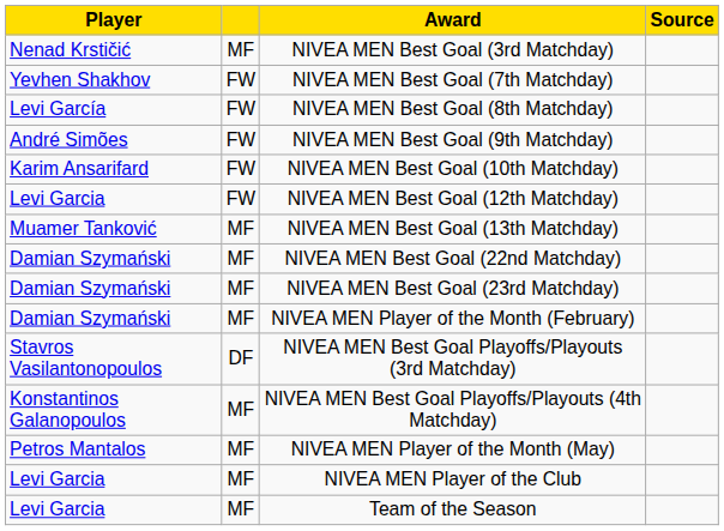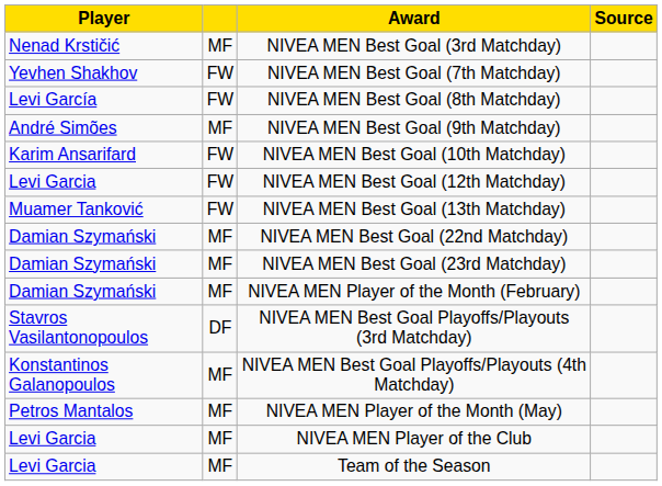 <table class="wikitable">
 <tr>
 <th style="background:#FFDE00">Player</th>
 <th style="background:#FFDE00"></th>
 <th style="background:#FFDE00">Award</th>
 <th style="background:#FFDE00">Source</th>
 </tr>
 <tr>
 <td> <a href='#'>Nenad Krstičić</a></td>
 <td align="center">MF</td>
 <td align="center">NIVEA MEN Best Goal (3rd Matchday)</td>
 <td align="center"></td>
 </tr>
 <tr>
 <td> <a href='#'>Yevhen Shakhov</a></td>
 <td align="center">FW</td>
 <td align="center">NIVEA MEN Best Goal (7th Matchday)</td>
 <td align="center"></td>
 </tr>
 <tr>
 <td> <a href='#'>Levi García</a></td>
 <td align="center">FW</td>
 <td align="center">NIVEA MEN Best Goal (8th Matchday)</td>
 <td align="center"></td>
 </tr>
 <tr>
 <td> <a href='#'>André Simões</a></td>
-<td align="center">FW</td>
+<td align="center">MF</td>
 <td align="center">NIVEA MEN Best Goal (9th Matchday)</td>
 <td align="center"></td>
 </tr>
 <tr>
 <td> <a href='#'>Karim Ansarifard</a></td>
 <td align="center">FW</td>
 <td align="center">NIVEA MEN Best Goal (10th Matchday)</td>
 <td align="center"></td>
 </tr>
 <tr>
 <td> <a href='#'>Levi Garcia</a></td>
 <td align="center">FW</td>
 <td align="center">NIVEA MEN Best Goal (12th Matchday)</td>
 <td align="center"></td>
 </tr>
 <tr>
 <td> <a href='#'>Muamer Tanković</a></td>
-<td align="center">MF</td>
+<td align="center">FW</td>
 <td align="center">NIVEA MEN Best Goal (13th Matchday)</td>
 <td align="center"></td>
 </tr>
 <tr>
 <td> <a href='#'>Damian Szymański</a></td>
 <td align="center">MF</td>
 <td align="center">NIVEA MEN Best Goal (22nd Matchday)</td>
 <td align="center"></td>
 </tr>
 <tr>
 <td> <a href='#'>Damian Szymański</a></td>
 <td align="center">MF</td>
 <td align="center">NIVEA MEN Best Goal (23rd Matchday)</td>
 <td align="center"></td>
 </tr>
 <tr>
 <td> <a href='#'>Damian Szymański</a></td>
 <td align="center">MF</td>
 <td align="center">NIVEA MEN Player of the Month (February)</td>
 <td align="center"></td>
 </tr>
 <tr>
 <td> <a href='#'>Stavros Vasilantonopoulos</a></td>
 <td align="center">DF</td>
 <td align="center">NIVEA MEN Best Goal Playoffs/Playouts (3rd Matchday)</td>
 <td align="center"></td>
 </tr>
 <tr>
 <td> <a href='#'>Konstantinos Galanopoulos</a></td>
 <td align="center">MF</td>
 <td align="center">NIVEA MEN Best Goal Playoffs/Playouts (4th Matchday)</td>
 <td align="center"></td>
 </tr>
 <tr>
 <td> <a href='#'>Petros Mantalos</a></td>
 <td align="center">MF</td>
 <td align="center">NIVEA MEN Player of the Month (May)</td>
 <td align="center"></td>
 </tr>
 <tr>
 <td> <a href='#'>Levi Garcia</a></td>
 <td align="center">MF</td>
 <td align="center">NIVEA MEN Player of the Club</td>
 <td align="center"></td>
 </tr>
 <tr>
 <td> <a href='#'>Levi Garcia</a></td>
 <td align="center">MF</td>
 <td align="center">Team of the Season</td>
 <td align="center"></td>
 </tr>
 </table>
